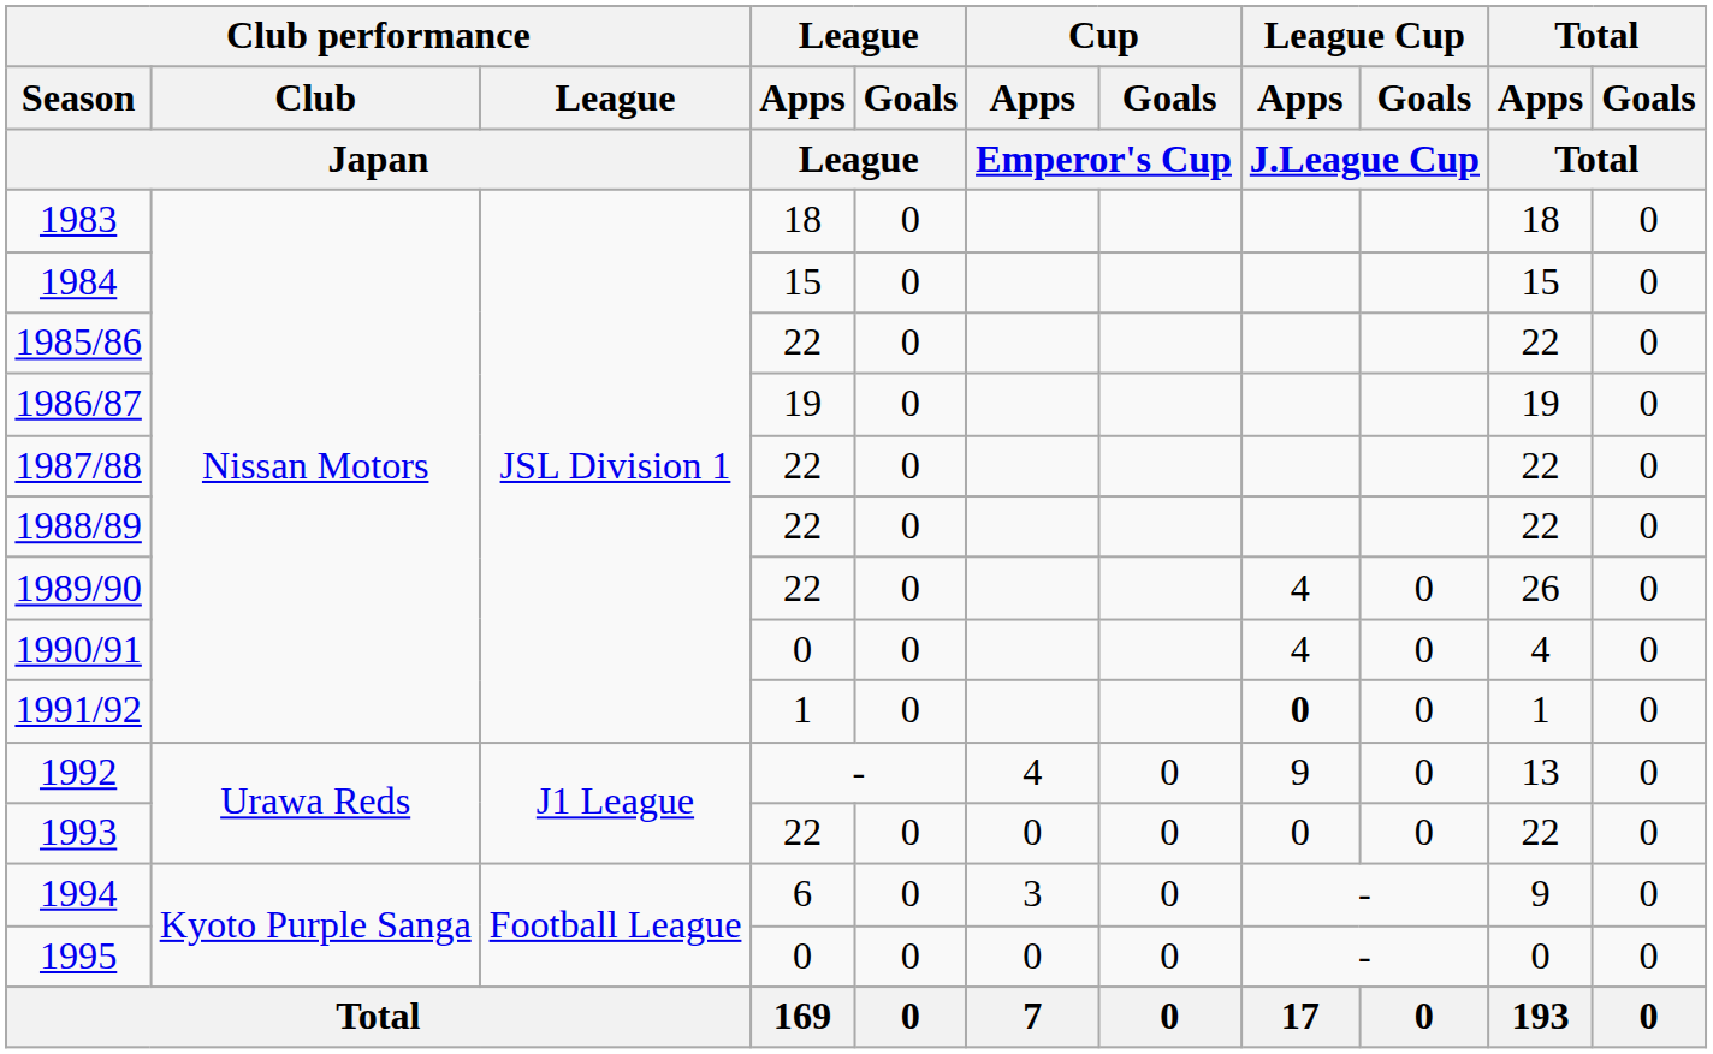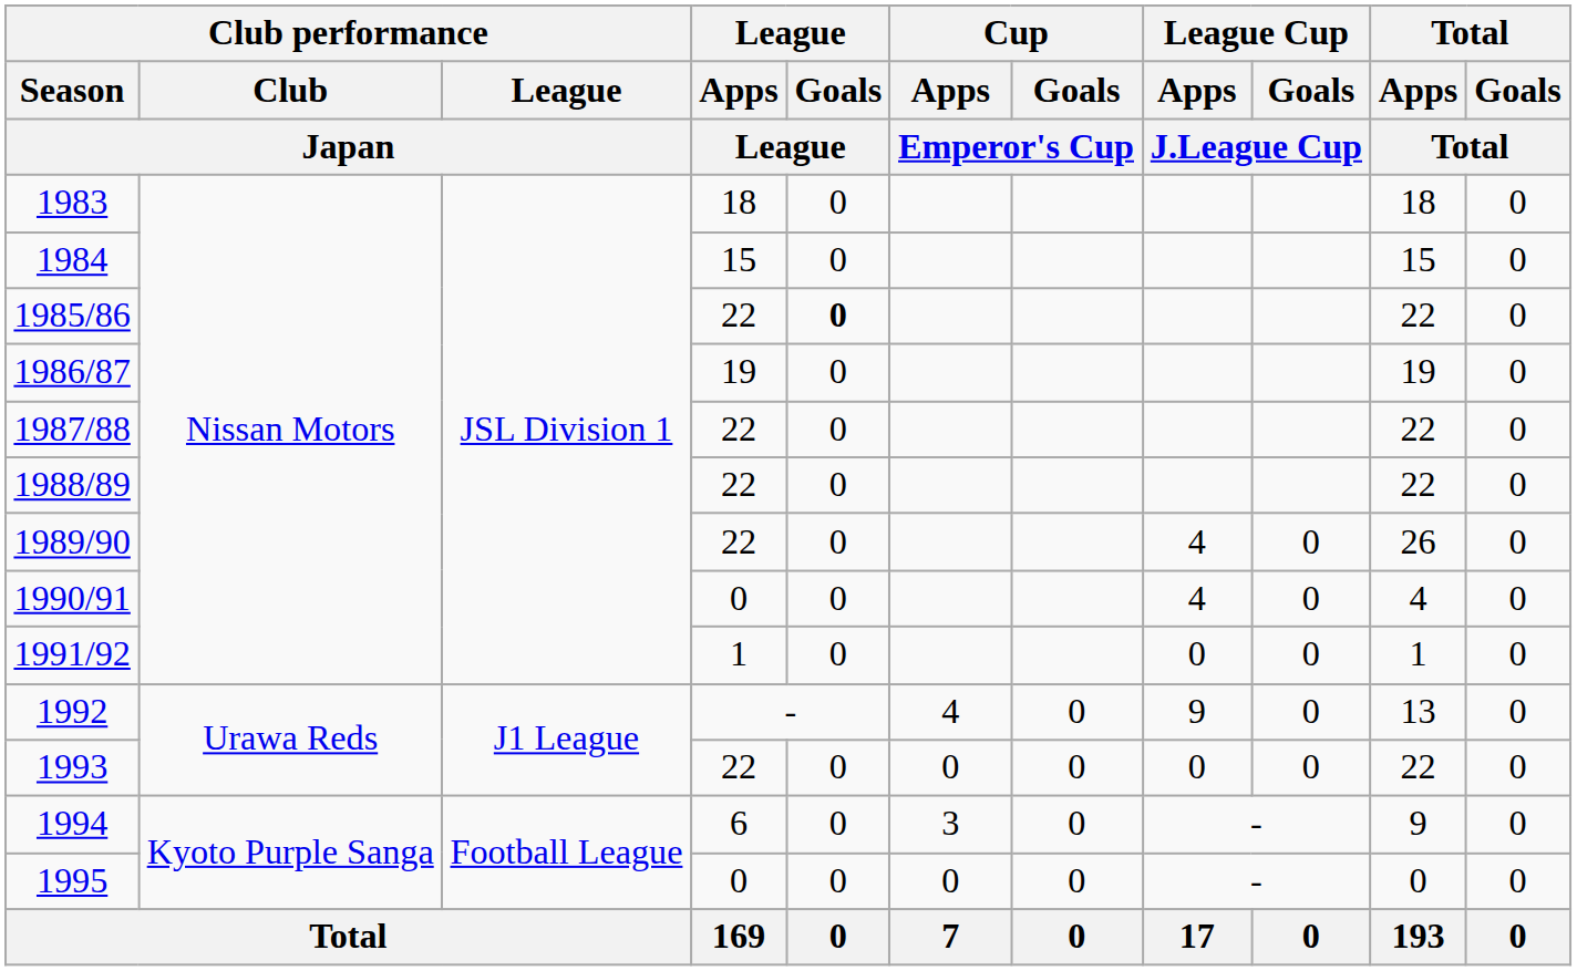 <table class="wikitable" style="text-align:center;">
 <tr>
 <th colspan=3>Club performance</th>
 <th colspan=2>League</th>
 <th colspan=2>Cup</th>
 <th colspan=2>League Cup</th>
 <th colspan=2>Total</th>
 </tr>
 <tr>
 <th>Season</th>
 <th>Club</th>
 <th>League</th>
 <th>Apps</th>
 <th>Goals</th>
 <th>Apps</th>
 <th>Goals</th>
 <th>Apps</th>
 <th>Goals</th>
 <th>Apps</th>
 <th>Goals</th>
 </tr>
 <tr>
 <th colspan=3>Japan</th>
 <th colspan=2>League</th>
 <th colspan=2><a href='#'>Emperor's Cup</a></th>
 <th colspan=2><a href='#'>J.League Cup</a></th>
 <th colspan=2>Total</th>
 </tr>
 <tr>
 <td><a href='#'>1983</a></td>
 <td rowspan="9"><a href='#'>Nissan Motors</a></td>
 <td rowspan="9"><a href='#'>JSL Division 1</a></td>
 <td>18</td>
 <td>0</td>
 <td></td>
 <td></td>
 <td></td>
 <td></td>
 <td>18</td>
 <td>0</td>
 </tr>
 <tr>
 <td><a href='#'>1984</a></td>
 <td>15</td>
 <td>0</td>
 <td></td>
 <td></td>
 <td></td>
 <td></td>
 <td>15</td>
 <td>0</td>
 </tr>
 <tr>
 <td><a href='#'>1985/86</a></td>
 <td>22</td>
-<td>0</td>
+<td><strong>0</strong></td>
 <td></td>
 <td></td>
 <td></td>
 <td></td>
 <td>22</td>
 <td>0</td>
 </tr>
 <tr>
 <td><a href='#'>1986/87</a></td>
 <td>19</td>
 <td>0</td>
 <td></td>
 <td></td>
 <td></td>
 <td></td>
 <td>19</td>
 <td>0</td>
 </tr>
 <tr>
 <td><a href='#'>1987/88</a></td>
 <td>22</td>
 <td>0</td>
 <td></td>
 <td></td>
 <td></td>
 <td></td>
 <td>22</td>
 <td>0</td>
 </tr>
 <tr>
 <td><a href='#'>1988/89</a></td>
 <td>22</td>
 <td>0</td>
 <td></td>
 <td></td>
 <td></td>
 <td></td>
 <td>22</td>
 <td>0</td>
 </tr>
 <tr>
 <td><a href='#'>1989/90</a></td>
 <td>22</td>
 <td>0</td>
 <td></td>
 <td></td>
 <td>4</td>
 <td>0</td>
 <td>26</td>
 <td>0</td>
 </tr>
 <tr>
 <td><a href='#'>1990/91</a></td>
 <td>0</td>
 <td>0</td>
 <td></td>
 <td></td>
 <td>4</td>
 <td>0</td>
 <td>4</td>
 <td>0</td>
 </tr>
 <tr>
 <td><a href='#'>1991/92</a></td>
 <td>1</td>
 <td>0</td>
 <td></td>
 <td></td>
-<td><strong>0</strong></td>
+<td>0</td>
 <td>0</td>
 <td>1</td>
 <td>0</td>
 </tr>
 <tr>
 <td><a href='#'>1992</a></td>
 <td rowspan="2"><a href='#'>Urawa Reds</a></td>
 <td rowspan="2"><a href='#'>J1 League</a></td>
 <td colspan="2">-</td>
 <td>4</td>
 <td>0</td>
 <td>9</td>
 <td>0</td>
 <td>13</td>
 <td>0</td>
 </tr>
 <tr>
 <td><a href='#'>1993</a></td>
 <td>22</td>
 <td>0</td>
 <td>0</td>
 <td>0</td>
 <td>0</td>
 <td>0</td>
 <td>22</td>
 <td>0</td>
 </tr>
 <tr>
 <td><a href='#'>1994</a></td>
 <td rowspan="2"><a href='#'>Kyoto Purple Sanga</a></td>
 <td rowspan="2"><a href='#'>Football League</a></td>
 <td>6</td>
 <td>0</td>
 <td>3</td>
 <td>0</td>
 <td colspan="2">-</td>
 <td>9</td>
 <td>0</td>
 </tr>
 <tr>
 <td><a href='#'>1995</a></td>
 <td>0</td>
 <td>0</td>
 <td>0</td>
 <td>0</td>
 <td colspan="2">-</td>
 <td>0</td>
 <td>0</td>
 </tr>
 <tr>
 <th colspan=3>Total</th>
 <th>169</th>
 <th>0</th>
 <th>7</th>
 <th>0</th>
 <th>17</th>
 <th>0</th>
 <th>193</th>
 <th>0</th>
 </tr>
 </table>
